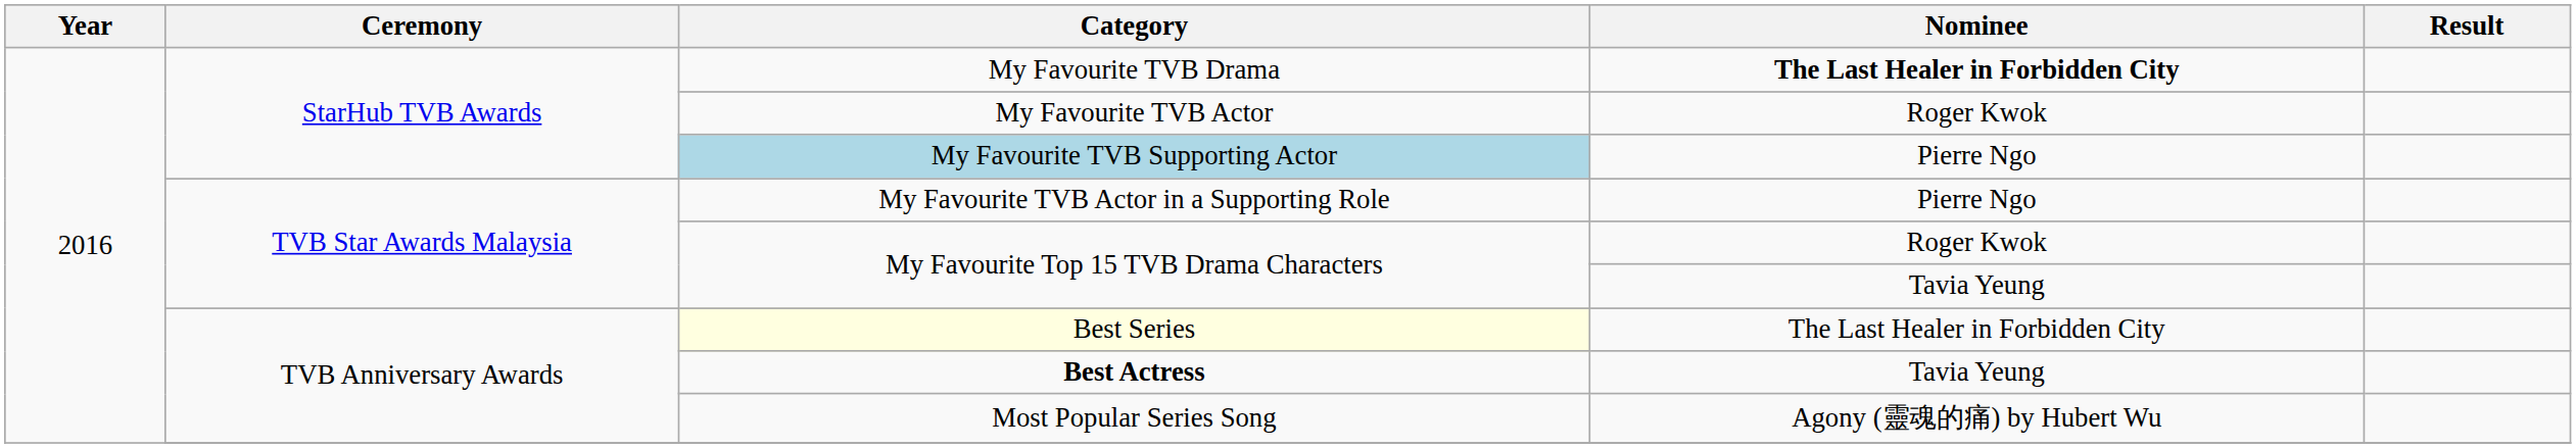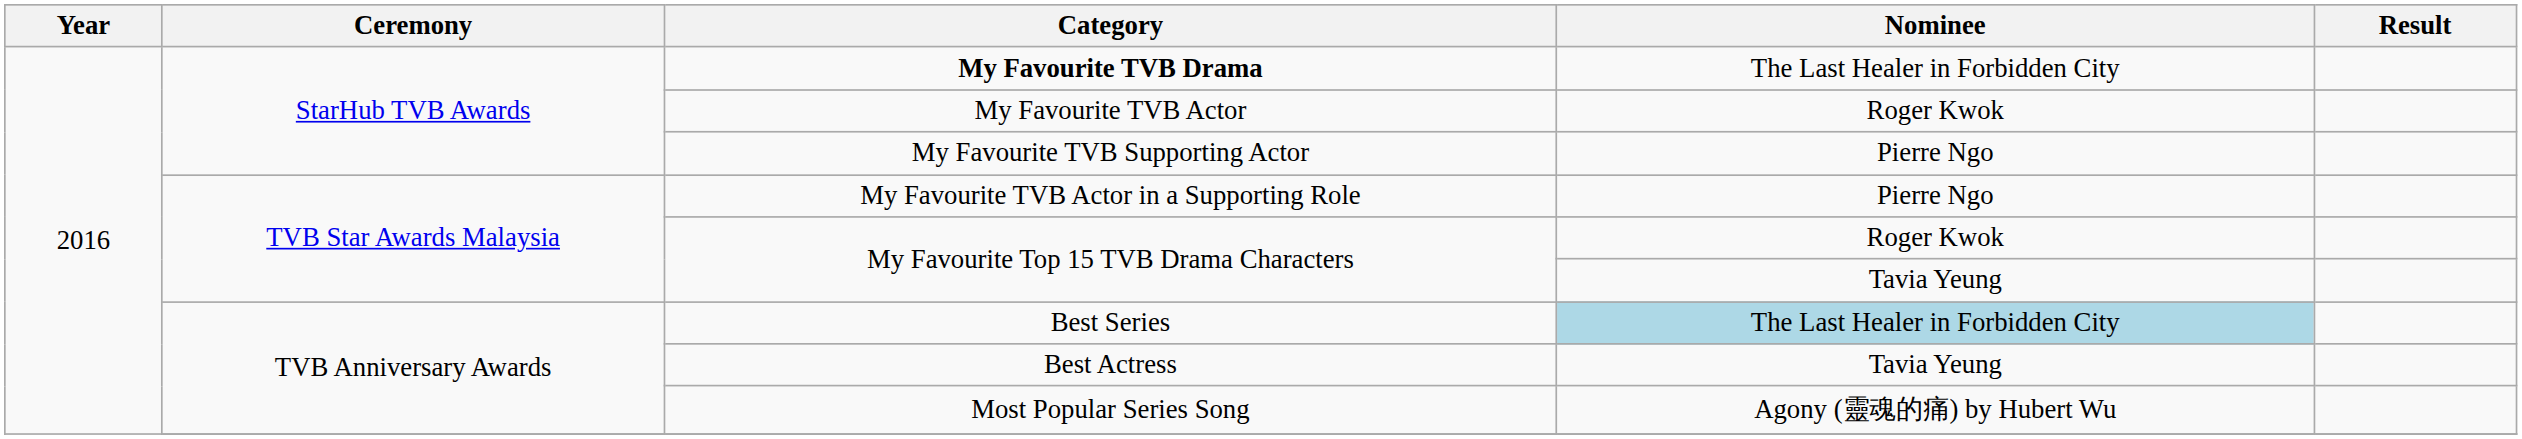 <table class="wikitable" style="width:95%;">
 <tr>
 <th style="width:45px;">Year</th>
 <th style="width:160px;">Ceremony</th>
 <th style="width:290px;">Category</th>
 <th style="width:245px;">Nominee</th>
 <th style="width:60px;">Result</th>
 </tr>
 <tr>
 <td align="center" rowspan=31>2016</td>
 <td align="center" rowspan=3><a href='#'>StarHub TVB Awards</a></td>
-<td align="center">My Favourite TVB Drama</td>
-<td align="center"><strong>The Last Healer in Forbidden City</strong></td>
+<td align="center"><strong>My Favourite TVB Drama</strong></td>
+<td align="center">The Last Healer in Forbidden City</td>
 <td></td>
 </tr>
 <tr>
 <td align="center">My Favourite TVB Actor</td>
 <td align="center">Roger Kwok</td>
 <td></td>
 </tr>
 <tr>
-<td align="center" style="background: lightblue;">My Favourite TVB Supporting Actor</td>
+<td align="center">My Favourite TVB Supporting Actor</td>
 <td align="center">Pierre Ngo</td>
 <td></td>
 </tr>
 <tr>
 <td align="center" rowspan=3><a href='#'>TVB Star Awards Malaysia</a></td>
 <td align="center">My Favourite TVB Actor in a Supporting Role</td>
 <td align="center">Pierre Ngo</td>
 <td></td>
 </tr>
 <tr>
 <td rowspan=2 align="center">My Favourite Top 15 TVB Drama Characters</td>
 <td align="center">Roger Kwok</td>
 <td></td>
 </tr>
 <tr>
 <td align="center">Tavia Yeung</td>
 <td></td>
 </tr>
 <tr>
 <td align="center" rowspan=3>TVB Anniversary Awards</td>
-<td align="center" style="background: lightyellow;">Best Series</td>
-<td align="center">The Last Healer in Forbidden City</td>
+<td align="center">Best Series</td>
+<td align="center" style="background: lightblue;">The Last Healer in Forbidden City</td>
 <td></td>
 </tr>
 <tr>
-<td align="center"><strong>Best Actress</strong></td>
+<td align="center">Best Actress</td>
 <td align="center">Tavia Yeung</td>
 <td></td>
 </tr>
 <tr>
 <td align="center">Most Popular Series Song</td>
 <td align="center">Agony (靈魂的痛) by Hubert Wu</td>
 <td></td>
 </tr>
 <tr>
 </tr>
 </table>
